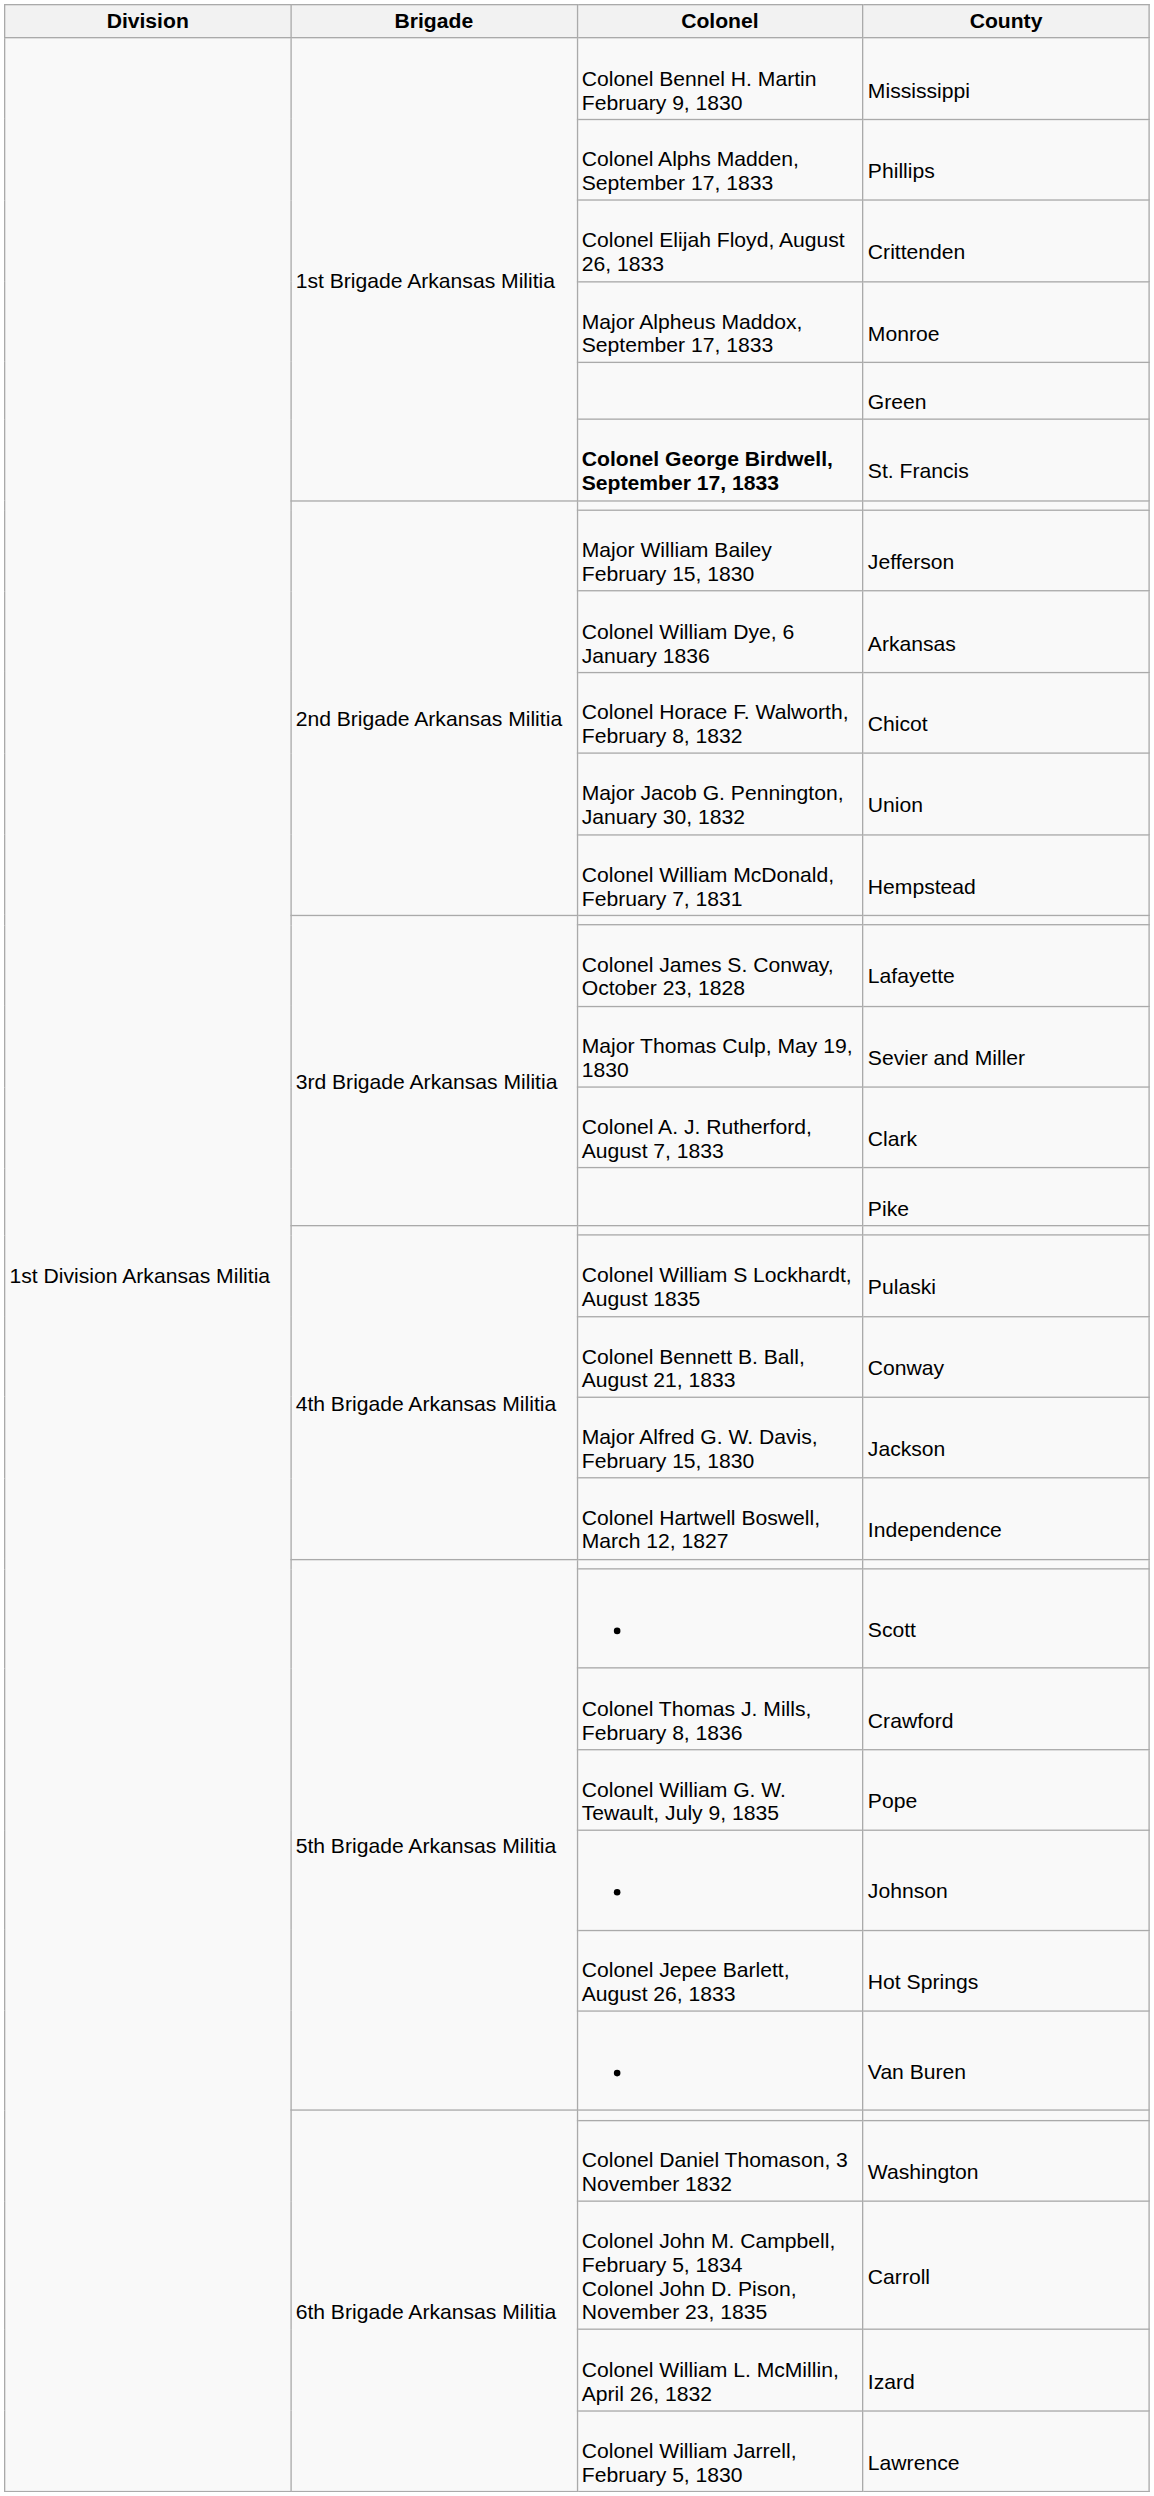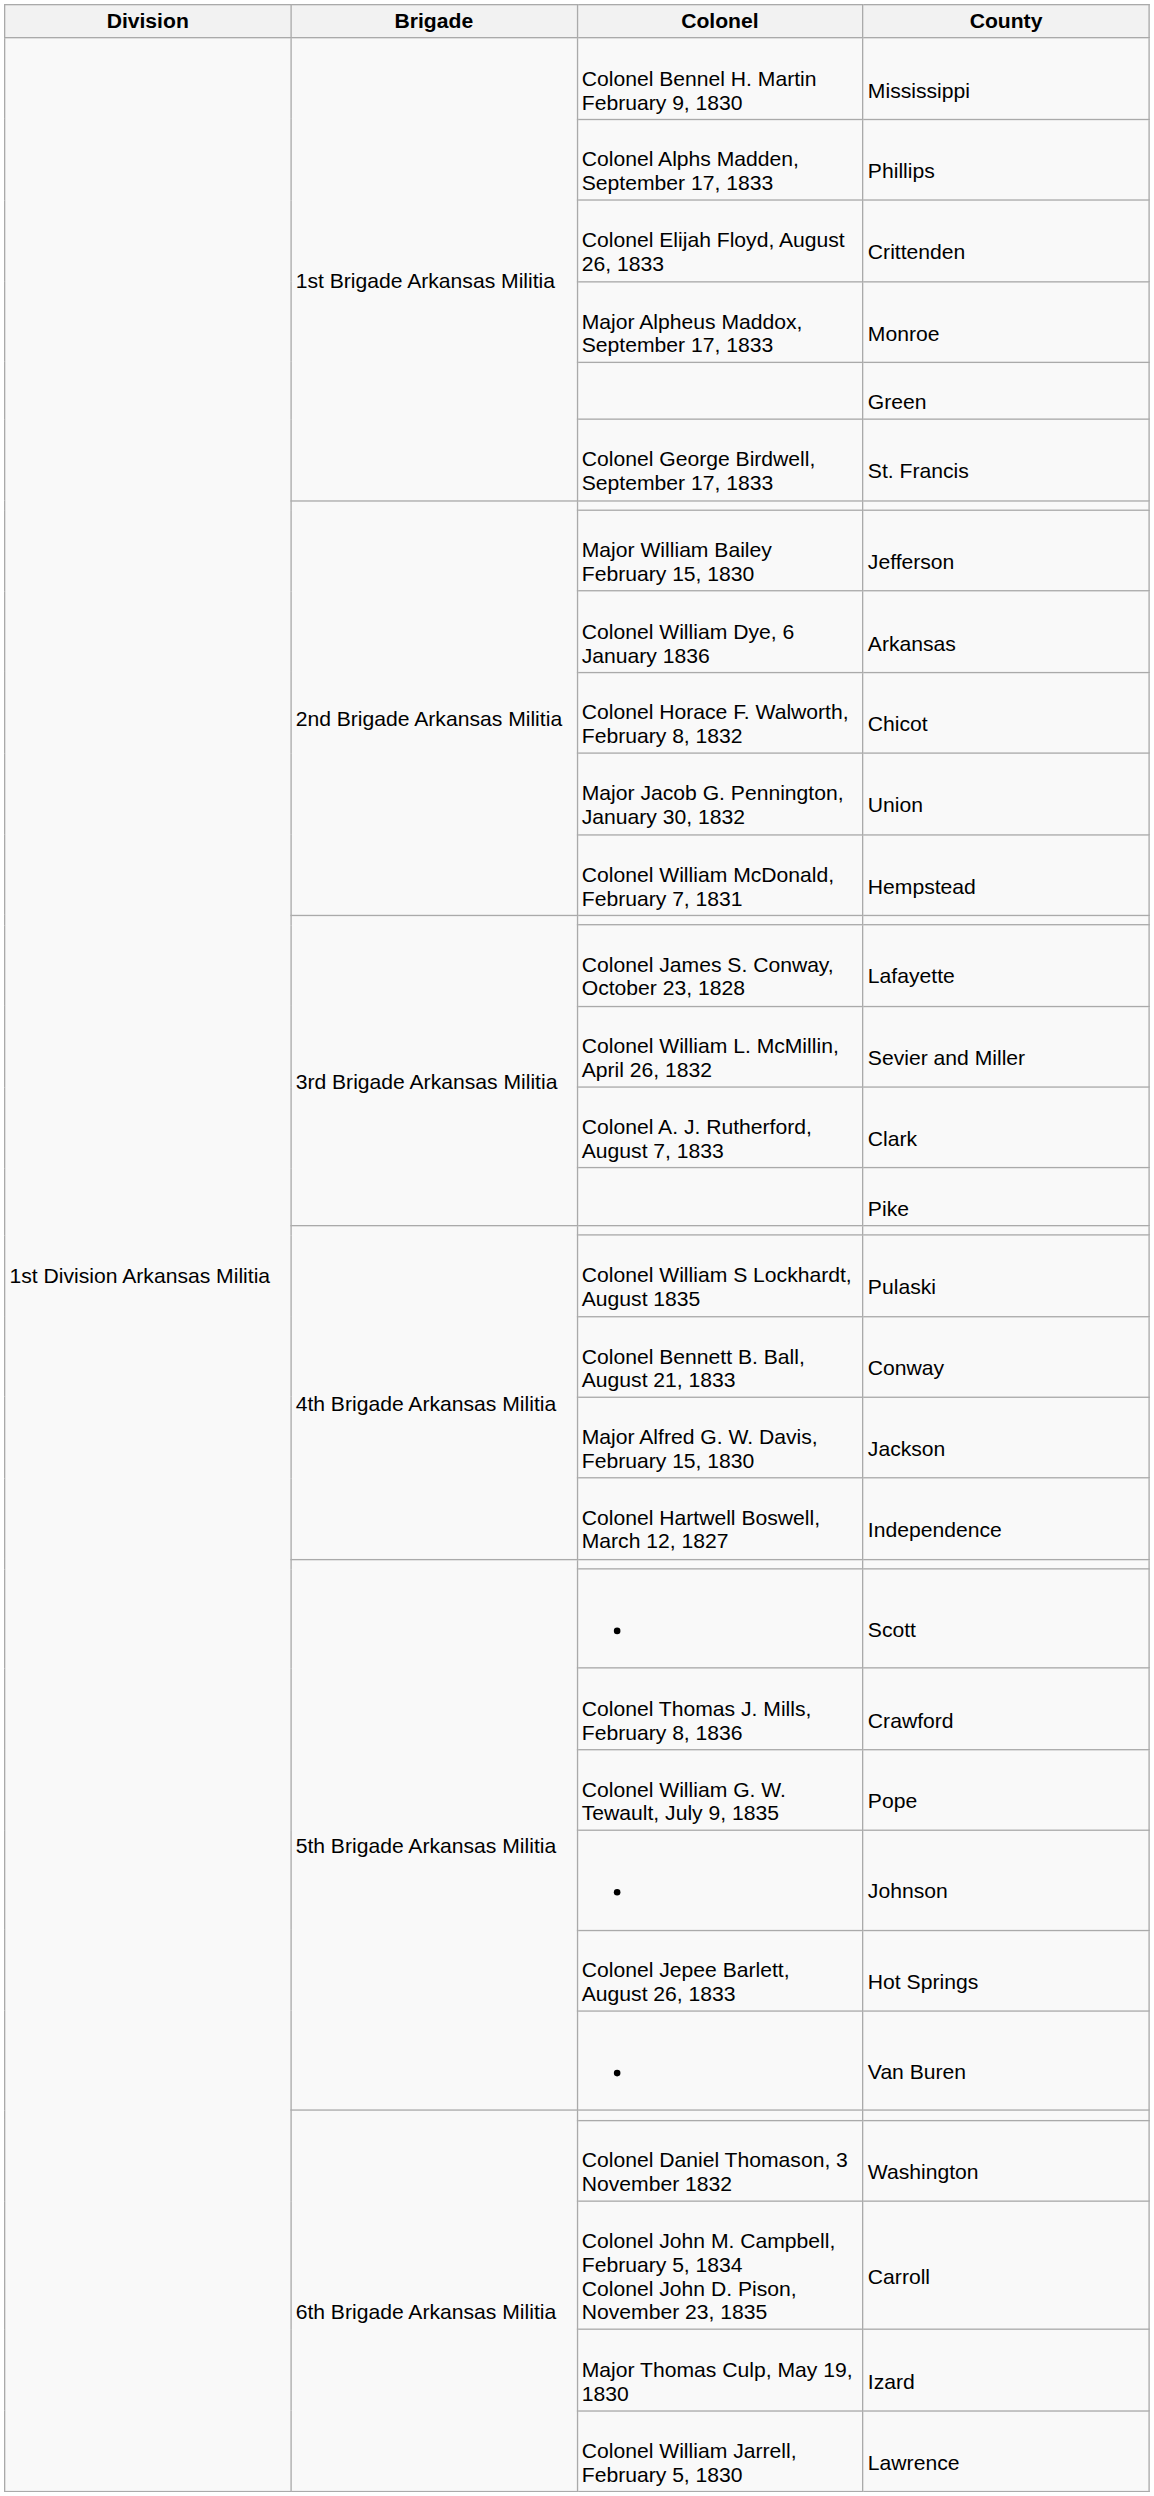 <table class="wikitable">
 <tr>
 <th width=25%>Division</th>
 <th width=25%>Brigade</th>
 <th width=25%>Colonel</th>
 <th width=25%>County</th>
 </tr>
 <tr>
 <td rowspan=36><br>1st Division Arkansas Militia</td>
 <td rowspan=6><br>1st Brigade Arkansas Militia</td>
 <td><br>Colonel Bennel H. Martin February 9, 1830</td>
 <td><br>Mississippi</td>
 </tr>
 <tr>
 <td><br>Colonel Alphs Madden, September 17, 1833</td>
 <td><br>Phillips</td>
 </tr>
 <tr>
 <td><br>Colonel Elijah Floyd, August 26, 1833</td>
 <td><br>Crittenden</td>
 </tr>
 <tr>
 <td><br>Major Alpheus Maddox, September 17, 1833</td>
 <td><br>Monroe</td>
 </tr>
 <tr>
 <td></td>
 <td><br>Green</td>
 </tr>
 <tr>
-<td><strong><br>Colonel George Birdwell, September 17, 1833</strong></td>
+<td><br>Colonel George Birdwell, September 17, 1833</td>
 <td><br>St. Francis</td>
 </tr>
 <tr>
 <td rowspan=6><br>2nd Brigade Arkansas Militia</td>
 <td></td>
 </tr>
 <tr>
 <td><br>Major William Bailey February 15, 1830</td>
 <td><br>Jefferson</td>
 </tr>
 <tr>
 <td><br>Colonel William Dye, 6 January 1836</td>
 <td><br>Arkansas</td>
 </tr>
 <tr>
 <td><br>Colonel Horace F. Walworth, February 8, 1832</td>
 <td><br>Chicot</td>
 </tr>
 <tr>
 <td><br>Major Jacob G. Pennington, January 30, 1832</td>
 <td><br>Union</td>
 </tr>
 <tr>
 <td><br>Colonel William McDonald, February 7, 1831</td>
 <td><br>Hempstead</td>
 </tr>
 <tr>
 <td rowspan=5><br>3rd Brigade Arkansas Militia</td>
 <td></td>
 </tr>
 <tr>
 <td><br>Colonel James S. Conway, October 23, 1828</td>
 <td><br>Lafayette</td>
 </tr>
 <tr>
-<td><br>Major Thomas Culp, May 19, 1830</td>
+<td><br>Colonel William L. McMillin, April 26, 1832</td>
 <td><br>Sevier and Miller</td>
 </tr>
 <tr>
 <td><br>Colonel A. J. Rutherford, August 7, 1833</td>
 <td><br>Clark</td>
 </tr>
 <tr>
 <td></td>
 <td><br>Pike</td>
 </tr>
 <tr>
 <td rowspan=5><br>4th Brigade Arkansas Militia</td>
 <td></td>
 <td></td>
 </tr>
 <tr>
 <td><br>Colonel William S Lockhardt, August 1835</td>
 <td><br>Pulaski</td>
 </tr>
 <tr>
 <td><br>Colonel Bennett B. Ball, August 21, 1833</td>
 <td><br>Conway</td>
 </tr>
 <tr>
 <td><br>Major Alfred G. W. Davis, February 15, 1830</td>
 <td><br>Jackson</td>
 </tr>
 <tr>
 <td><br>Colonel Hartwell Boswell, March 12, 1827</td>
 <td><br>Independence</td>
 </tr>
 <tr>
 <td rowspan=7><br>5th Brigade Arkansas Militia</td>
 <td></td>
 </tr>
 <tr>
 <td><br><ul><li></li></ul></td>
 <td><br>Scott</td>
 </tr>
 <tr>
 <td><br>Colonel Thomas J. Mills, February 8, 1836</td>
 <td><br>Crawford</td>
 </tr>
 <tr>
 <td><br>Colonel William G. W. Tewault, July 9, 1835</td>
 <td><br>Pope</td>
 </tr>
 <tr>
 <td><br><ul><li></li></ul></td>
 <td><br>Johnson</td>
 </tr>
 <tr>
 <td><br>Colonel Jepee Barlett, August 26, 1833</td>
 <td><br>Hot Springs</td>
 </tr>
 <tr>
 <td><br><ul><li></li></ul></td>
 <td><br>Van Buren</td>
 </tr>
 <tr>
 <td rowspan=5><br>6th Brigade Arkansas Militia</td>
 <td></td>
 </tr>
 <tr>
 <td><br>Colonel Daniel Thomason, 3 November 1832</td>
 <td><br>Washington</td>
 </tr>
 <tr>
 <td><br>Colonel John M. Campbell, February 5, 1834<br>Colonel John D. Pison, November 23, 1835</td>
 <td><br>Carroll</td>
 </tr>
 <tr>
-<td><br>Colonel William L. McMillin, April 26, 1832</td>
+<td><br>Major Thomas Culp, May 19, 1830</td>
 <td><br>Izard</td>
 </tr>
 <tr>
 <td><br>Colonel William Jarrell, February 5, 1830</td>
 <td><br>Lawrence</td>
 </tr>
 </table>
